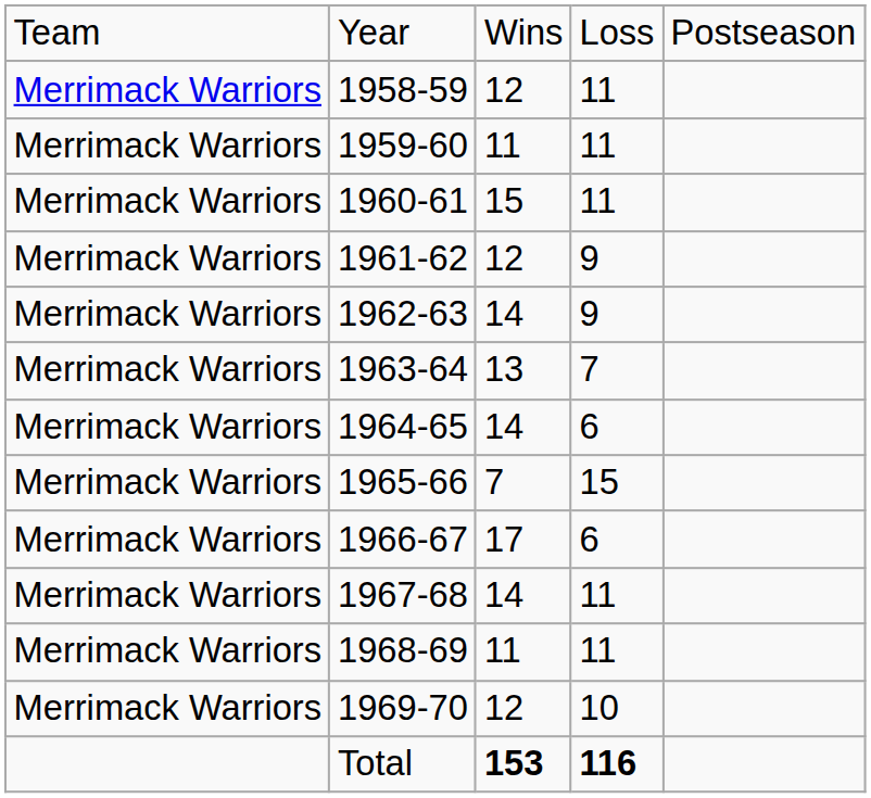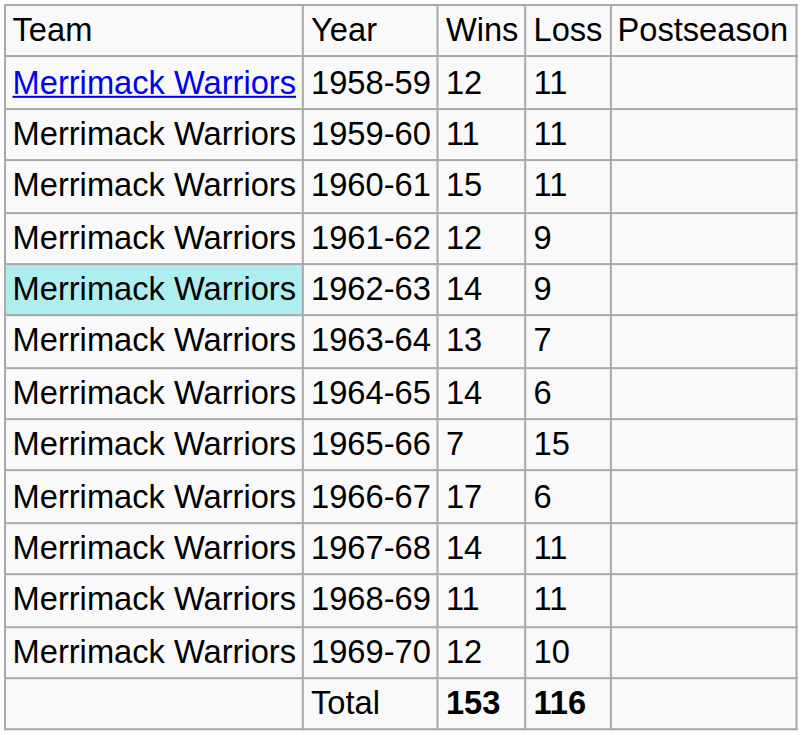 <table class="wikitable">
 <tr>
 <td>Team</td>
 <td>Year</td>
 <td>Wins</td>
 <td>Loss</td>
 <td>Postseason</td>
 </tr>
 <tr>
 <td><a href='#'>Merrimack Warriors</a></td>
 <td>1958-59</td>
 <td>12</td>
 <td>11</td>
 <td></td>
 </tr>
 <tr>
 <td>Merrimack Warriors</td>
 <td>1959-60</td>
 <td>11</td>
 <td>11</td>
 <td></td>
 </tr>
 <tr>
 <td>Merrimack Warriors</td>
 <td>1960-61</td>
 <td>15</td>
 <td>11</td>
 <td></td>
 </tr>
 <tr>
 <td>Merrimack Warriors</td>
 <td>1961-62</td>
 <td>12</td>
 <td>9</td>
 <td></td>
 </tr>
 <tr>
-<td>Merrimack Warriors</td>
+<td style="background: paleturquoise;">Merrimack Warriors</td>
 <td>1962-63</td>
 <td>14</td>
 <td>9</td>
 <td></td>
 </tr>
 <tr>
 <td>Merrimack Warriors</td>
 <td>1963-64</td>
 <td>13</td>
 <td>7</td>
 <td></td>
 </tr>
 <tr>
 <td>Merrimack Warriors</td>
 <td>1964-65</td>
 <td>14</td>
 <td>6</td>
 <td></td>
 </tr>
 <tr>
 <td>Merrimack Warriors</td>
 <td>1965-66</td>
 <td>7</td>
 <td>15</td>
 <td></td>
 </tr>
 <tr>
 <td>Merrimack Warriors</td>
 <td>1966-67</td>
 <td>17</td>
 <td>6</td>
 <td></td>
 </tr>
 <tr>
 <td>Merrimack Warriors</td>
 <td>1967-68</td>
 <td>14</td>
 <td>11</td>
 <td></td>
 </tr>
 <tr>
 <td>Merrimack Warriors</td>
 <td>1968-69</td>
 <td>11</td>
 <td>11</td>
 <td></td>
 </tr>
 <tr>
 <td>Merrimack Warriors</td>
 <td>1969-70</td>
 <td>12</td>
 <td>10</td>
 <td></td>
 </tr>
 <tr>
 <td></td>
 <td>Total</td>
 <td><strong>153</strong></td>
 <td><strong>116</strong></td>
 <td></td>
 </tr>
 </table>
